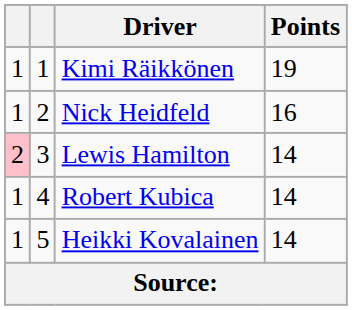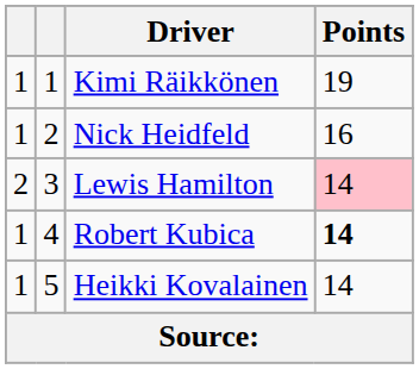 <table class="wikitable" style="font-size: 85%;">
 <tr>
 <th></th>
 <th></th>
 <th>Driver</th>
 <th>Points</th>
 </tr>
 <tr>
 <td> 1</td>
 <td align="center">1</td>
 <td> <a href='#'>Kimi Räikkönen</a></td>
 <td>19</td>
 </tr>
 <tr>
 <td> 1</td>
 <td align="center">2</td>
 <td> <a href='#'>Nick Heidfeld</a></td>
 <td>16</td>
 </tr>
 <tr>
-<td style="background: pink;"> 2</td>
+<td> 2</td>
 <td align="center">3</td>
 <td> <a href='#'>Lewis Hamilton</a></td>
-<td>14</td>
+<td style="background: pink;">14</td>
 </tr>
 <tr>
 <td> 1</td>
 <td align="center">4</td>
 <td> <a href='#'>Robert Kubica</a></td>
-<td>14</td>
+<td><strong>14</strong></td>
 </tr>
 <tr>
 <td> 1</td>
 <td align="center">5</td>
 <td> <a href='#'>Heikki Kovalainen</a></td>
 <td>14</td>
 </tr>
 <tr>
 <th colspan=4>Source:</th>
 </tr>
 </table>
